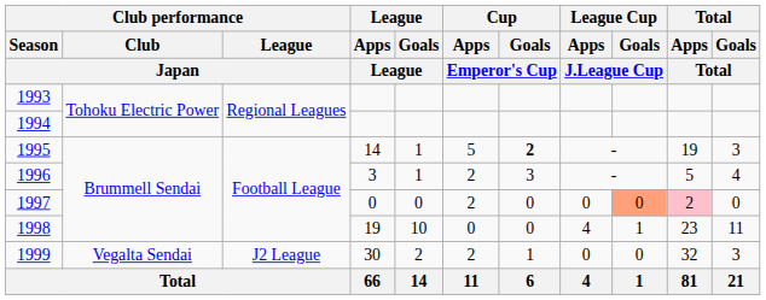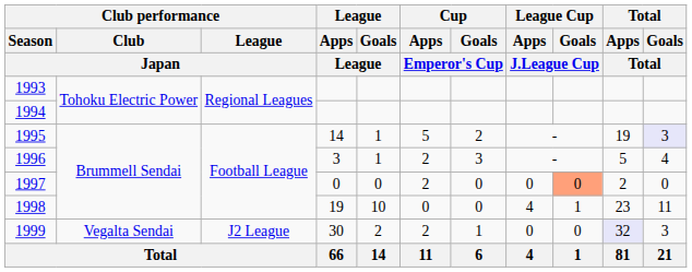 <table class="wikitable" style="text-align:center;">
 <tr>
 <th colspan=3>Club performance</th>
 <th colspan=2>League</th>
 <th colspan=2>Cup</th>
 <th colspan=2>League Cup</th>
 <th colspan=2>Total</th>
 </tr>
 <tr>
 <th>Season</th>
 <th>Club</th>
 <th>League</th>
 <th>Apps</th>
 <th>Goals</th>
 <th>Apps</th>
 <th>Goals</th>
 <th>Apps</th>
 <th>Goals</th>
 <th>Apps</th>
 <th>Goals</th>
 </tr>
 <tr>
 <th colspan=3>Japan</th>
 <th colspan=2>League</th>
 <th colspan=2><a href='#'>Emperor's Cup</a></th>
 <th colspan=2><a href='#'>J.League Cup</a></th>
 <th colspan=2>Total</th>
 </tr>
 <tr>
 <td><a href='#'>1993</a></td>
 <td rowspan="2"><a href='#'>Tohoku Electric Power</a></td>
 <td rowspan="2"><a href='#'>Regional Leagues</a></td>
 <td></td>
 <td></td>
 <td></td>
 <td></td>
 <td></td>
 <td></td>
 <td></td>
 <td></td>
 </tr>
 <tr>
 <td><a href='#'>1994</a></td>
 <td></td>
 <td></td>
 <td></td>
 <td></td>
 <td></td>
 <td></td>
 <td></td>
 <td></td>
 </tr>
 <tr>
 <td><a href='#'>1995</a></td>
 <td rowspan="4"><a href='#'>Brummell Sendai</a></td>
 <td rowspan="4"><a href='#'>Football League</a></td>
 <td>14</td>
 <td>1</td>
 <td>5</td>
-<td><strong>2</strong></td>
+<td>2</td>
 <td colspan="2">-</td>
 <td>19</td>
-<td>3</td>
+<td style="background: lavender;">3</td>
 </tr>
 <tr>
 <td><a href='#'>1996</a></td>
 <td>3</td>
 <td>1</td>
 <td>2</td>
 <td>3</td>
 <td colspan="2">-</td>
 <td>5</td>
 <td>4</td>
 </tr>
 <tr>
 <td><a href='#'>1997</a></td>
 <td>0</td>
 <td>0</td>
 <td>2</td>
 <td>0</td>
 <td>0</td>
 <td style="background: lightsalmon;">0</td>
-<td style="background: pink;">2</td>
+<td>2</td>
 <td>0</td>
 </tr>
 <tr>
 <td><a href='#'>1998</a></td>
 <td>19</td>
 <td>10</td>
 <td>0</td>
 <td>0</td>
 <td>4</td>
 <td>1</td>
 <td>23</td>
 <td>11</td>
 </tr>
 <tr>
 <td><a href='#'>1999</a></td>
 <td><a href='#'>Vegalta Sendai</a></td>
 <td><a href='#'>J2 League</a></td>
 <td>30</td>
 <td>2</td>
 <td>2</td>
 <td>1</td>
 <td>0</td>
 <td>0</td>
-<td>32</td>
+<td style="background: lavender;">32</td>
 <td>3</td>
 </tr>
 <tr>
 <th colspan=3>Total</th>
 <th>66</th>
 <th>14</th>
 <th>11</th>
 <th>6</th>
 <th>4</th>
 <th>1</th>
 <th>81</th>
 <th>21</th>
 </tr>
 </table>
